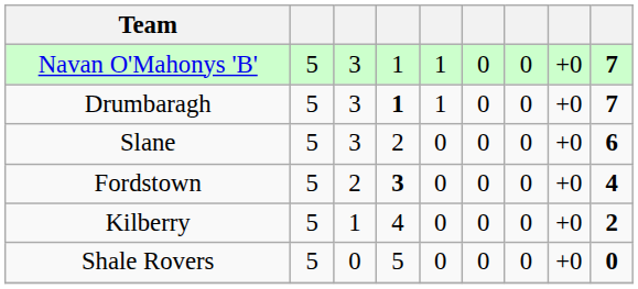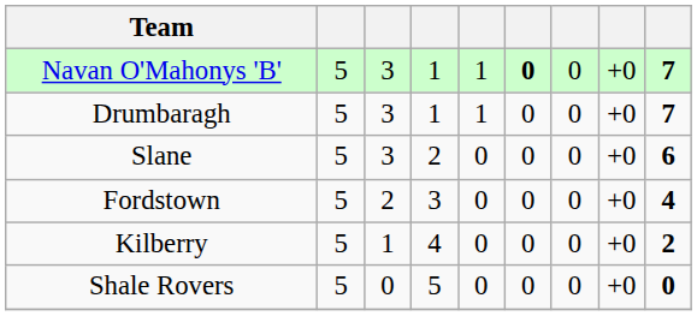 <table class="wikitable" style="text-align:center">
 <tr>
 <th width="175">Team</th>
 <th width="20"></th>
 <th width="20"></th>
 <th width="20"></th>
 <th width="20"></th>
 <th width="20"></th>
 <th width="20"></th>
 <th width="20"></th>
 <th width="20"></th>
 </tr>
 <tr style="background:#cfc;">
 <td><a href='#'>Navan O'Mahonys 'B'</a></td>
 <td>5</td>
 <td>3</td>
 <td>1</td>
 <td>1</td>
-<td>0</td>
+<td><strong>0</strong></td>
 <td>0</td>
 <td>+0</td>
 <td><strong>7</strong></td>
 </tr>
 <tr>
 <td>Drumbaragh</td>
 <td>5</td>
 <td>3</td>
-<td><strong>1</strong></td>
+<td>1</td>
 <td>1</td>
 <td>0</td>
 <td>0</td>
 <td>+0</td>
 <td><strong>7</strong></td>
 </tr>
 <tr>
 <td>Slane</td>
 <td>5</td>
 <td>3</td>
 <td>2</td>
 <td>0</td>
 <td>0</td>
 <td>0</td>
 <td>+0</td>
 <td><strong>6</strong></td>
 </tr>
 <tr>
 <td>Fordstown</td>
 <td>5</td>
 <td>2</td>
-<td><strong>3</strong></td>
+<td>3</td>
 <td>0</td>
 <td>0</td>
 <td>0</td>
 <td>+0</td>
 <td><strong>4</strong></td>
 </tr>
 <tr>
 <td>Kilberry</td>
 <td>5</td>
 <td>1</td>
 <td>4</td>
 <td>0</td>
 <td>0</td>
 <td>0</td>
 <td>+0</td>
 <td><strong>2</strong></td>
 </tr>
 <tr>
 <td>Shale Rovers</td>
 <td>5</td>
 <td>0</td>
 <td>5</td>
 <td>0</td>
 <td>0</td>
 <td>0</td>
 <td>+0</td>
 <td><strong>0</strong></td>
 </tr>
 <tr>
 </tr>
 </table>
